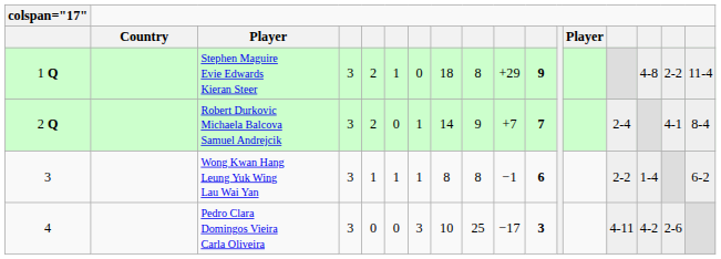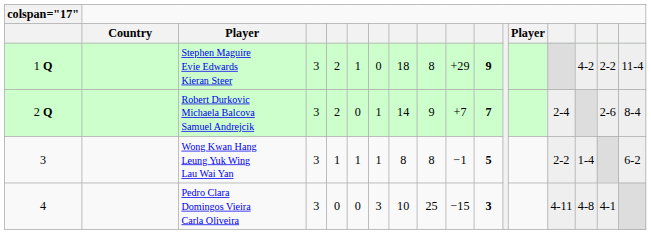 <table class=wikitable style=text-align:center>
 <tr>
 <th>colspan="17" </th>
 </tr>
 <tr>
 <th width=20 abbr=Position></th>
 <th width=120>Country</th>
 <th width=160>Player</th>
 <th width=20 abbr=Played></th>
 <th width=20 abbr=Won></th>
 <th width=20 abbr=Drawn></th>
 <th width=20 abbr=Lost></th>
 <th width=30 abbr=Points for></th>
 <th width=30 abbr=Points against></th>
 <th width=30 abbr=Points difference></th>
 <th width=30 abbr=Points></th>
 <th rowspan="5" abbr=H2H></th>
 <th>Player</th>
 <th></th>
 <th></th>
 <th></th>
 <th></th>
 </tr>
 <tr bgcolor=#CCFFCC>
 <td>1 <strong>Q</strong></td>
 <td align=left><strong></strong></td>
 <td align="left"><small><a href='#'>Stephen Maguire</a><br><a href='#'>Evie Edwards</a><br><a href='#'>Kieran Steer</a></small></td>
 <td>3</td>
 <td>2</td>
 <td>1</td>
 <td>0</td>
 <td>18</td>
 <td>8</td>
 <td>+29</td>
 <td><strong>9</strong></td>
 <td></td>
 <td bgcolor="#dddddd"> </td>
-<td bgcolor="#efefef">4-8</td>
+<td bgcolor="#efefef">4-2</td>
 <td bgcolor="#efefef">2-2</td>
 <td bgcolor="#efefef">11-4</td>
 </tr>
 <tr bgcolor=#CCFFCC>
 <td>2 <strong>Q</strong> </td>
 <td align=left><strong></strong></td>
 <td align="left"><small><a href='#'>Robert Durkovic</a><br><a href='#'>Michaela Balcova</a><br><a href='#'>Samuel Andrejcik</a></small></td>
 <td>3</td>
 <td>2</td>
 <td>0</td>
 <td>1</td>
 <td>14</td>
 <td>9</td>
 <td>+7</td>
 <td><strong>7</strong></td>
 <td></td>
 <td bgcolor="#efefef">2-4</td>
 <td bgcolor="#dddddd"> </td>
-<td bgcolor="#efefef">4-1</td>
+<td bgcolor="#efefef">2-6</td>
 <td bgcolor="#efefef">8-4</td>
 </tr>
 <tr>
 <td>3 </td>
 <td align=left><strong></strong></td>
 <td align="left"><small><a href='#'>Wong Kwan Hang</a><br><a href='#'>Leung Yuk Wing</a><br><a href='#'>Lau Wai Yan</a></small></td>
 <td>3</td>
 <td>1</td>
 <td>1</td>
 <td>1</td>
 <td>8</td>
 <td>8</td>
 <td>−1</td>
-<td><strong>6</strong></td>
+<td><strong>5</strong></td>
 <td></td>
 <td bgcolor="#efefef">2-2</td>
 <td bgcolor="#efefef">1-4</td>
 <td bgcolor="#dddddd"> </td>
 <td bgcolor="#efefef">6-2</td>
 </tr>
 <tr>
 <td>4 </td>
 <td align=left><strong></strong></td>
 <td align="left"><small><a href='#'>Pedro Clara</a><br><a href='#'>Domingos Vieira</a><br><a href='#'>Carla Oliveira</a></small></td>
 <td>3</td>
 <td>0</td>
 <td>0</td>
 <td>3</td>
 <td>10</td>
 <td>25</td>
-<td>−17</td>
+<td>−15</td>
 <td><strong>3</strong></td>
 <td></td>
 <td bgcolor="#efefef">4-11</td>
-<td bgcolor="#efefef">4-2</td>
-<td bgcolor="#efefef">2-6</td>
+<td bgcolor="#efefef">4-8</td>
+<td bgcolor="#efefef">4-1</td>
 <td bgcolor="#dddddd"> </td>
 </tr>
 </table>
